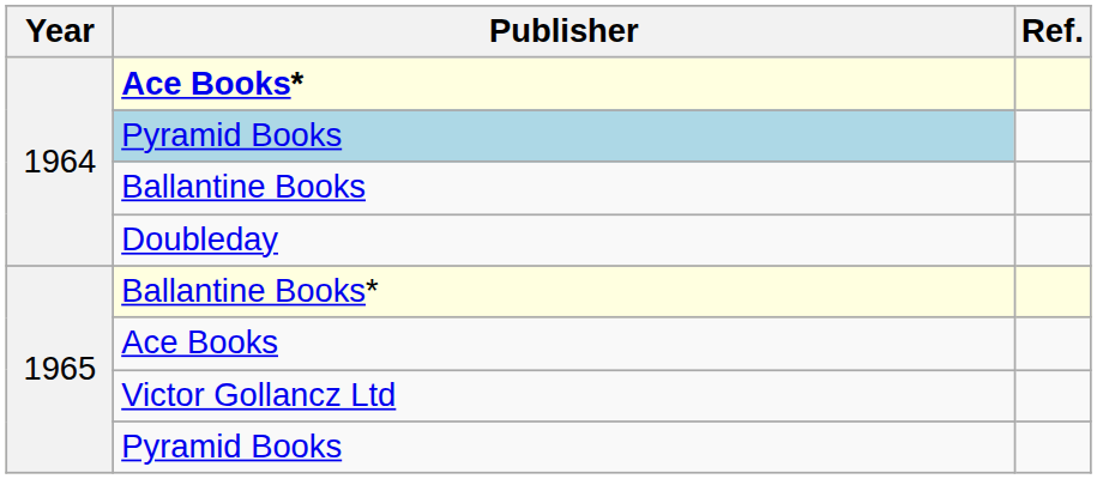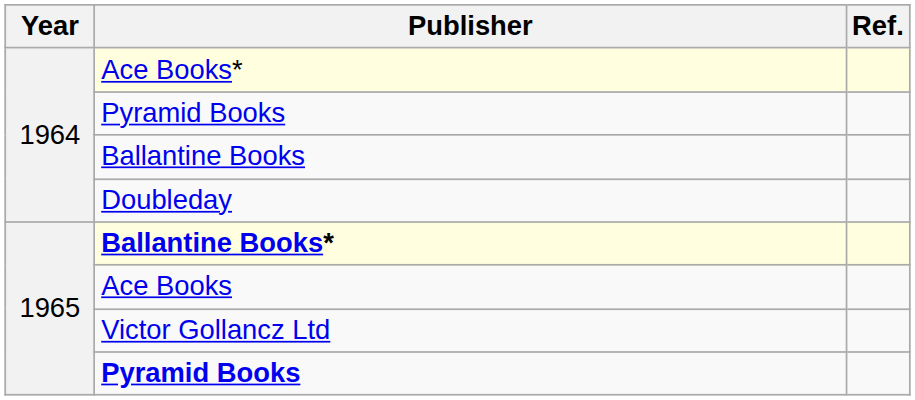 <table class="sortable wikitable" width="85%" cellpadding="5" style="margin: 1em auto 1em auto">
 <tr>
 <th width="10%" scope="col">Year</th>
 <th width="85%" scope="col">Publisher</th>
 <th width="5%" scope="col" class="unsortable">Ref.</th>
 </tr>
 <tr style="background:lightyellow;">
 <th scope="rowgroup" align="center" rowspan="4" style="font-weight:normal;">1964</th>
-<td><strong><a href='#'>Ace Books</a>*</strong></td>
+<td><a href='#'>Ace Books</a>*</td>
 <td align="center"></td>
 </tr>
 <tr>
-<td style="background: lightblue;"><a href='#'>Pyramid Books</a></td>
+<td><a href='#'>Pyramid Books</a></td>
 <td align="center"></td>
 </tr>
 <tr>
 <td><a href='#'>Ballantine Books</a></td>
 <td align="center"></td>
 </tr>
 <tr>
 <td><a href='#'>Doubleday</a></td>
 <td align="center"></td>
 </tr>
 <tr style="background:lightyellow;">
 <th scope="rowgroup" align="center" rowspan="4" style="font-weight:normal;">1965</th>
-<td><a href='#'>Ballantine Books</a>*</td>
+<td><strong><a href='#'>Ballantine Books</a>*</strong></td>
 <td align="center"></td>
 </tr>
 <tr>
 <td><a href='#'>Ace Books</a></td>
 <td align="center"></td>
 </tr>
 <tr>
 <td><a href='#'>Victor Gollancz Ltd</a></td>
 <td align="center"></td>
 </tr>
 <tr>
-<td><a href='#'>Pyramid Books</a></td>
+<td><strong><a href='#'>Pyramid Books</a></strong></td>
 <td align="center"></td>
 </tr>
 </table>
